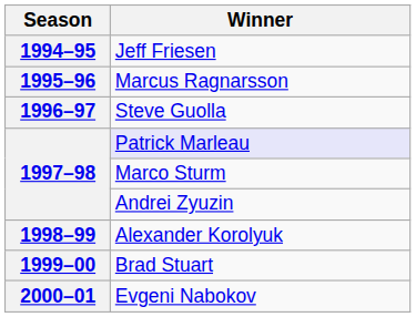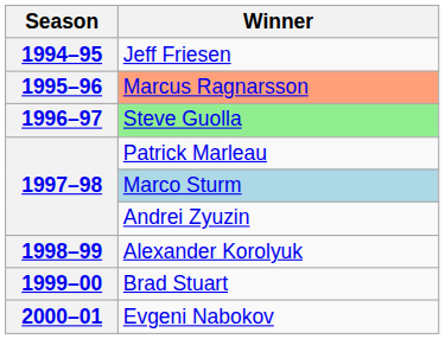 <table class="wikitable">
 <tr>
 <th scope="col" style="width:5em">Season</th>
 <th scope="col" style="width:15em">Winner</th>
 </tr>
 <tr>
 <th scope="row"><a href='#'>1994–95</a></th>
 <td><a href='#'>Jeff Friesen</a></td>
 </tr>
 <tr>
 <th scope="row"><a href='#'>1995–96</a></th>
-<td><a href='#'>Marcus Ragnarsson</a></td>
+<td style="background: lightsalmon;"><a href='#'>Marcus Ragnarsson</a></td>
 </tr>
 <tr>
 <th scope="row"><a href='#'>1996–97</a></th>
-<td><a href='#'>Steve Guolla</a></td>
+<td style="background: lightgreen;"><a href='#'>Steve Guolla</a></td>
 </tr>
 <tr>
 <th scope="row" rowspan="3"><a href='#'>1997–98</a></th>
-<td style="background: lavender;"><a href='#'>Patrick Marleau</a></td>
+<td><a href='#'>Patrick Marleau</a></td>
 </tr>
 <tr>
-<td><a href='#'>Marco Sturm</a></td>
+<td style="background: lightblue;"><a href='#'>Marco Sturm</a></td>
 </tr>
 <tr>
 <td><a href='#'>Andrei Zyuzin</a></td>
 </tr>
 <tr>
 <th scope="row"><a href='#'>1998–99</a></th>
 <td><a href='#'>Alexander Korolyuk</a></td>
 </tr>
 <tr>
 <th scope="row"><a href='#'>1999–00</a></th>
 <td><a href='#'>Brad Stuart</a></td>
 </tr>
 <tr>
 <th scope="row"><a href='#'>2000–01</a></th>
 <td><a href='#'>Evgeni Nabokov</a></td>
 </tr>
 </table>
